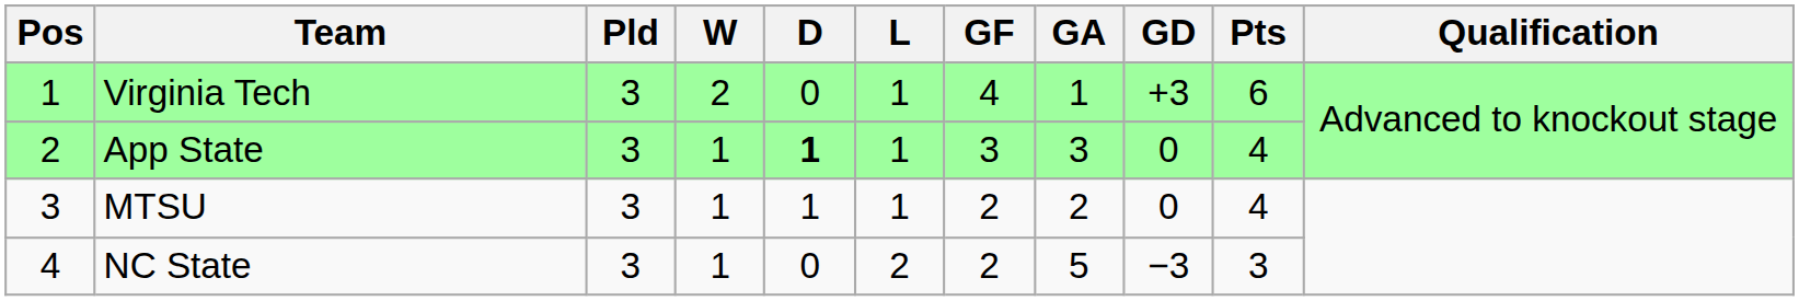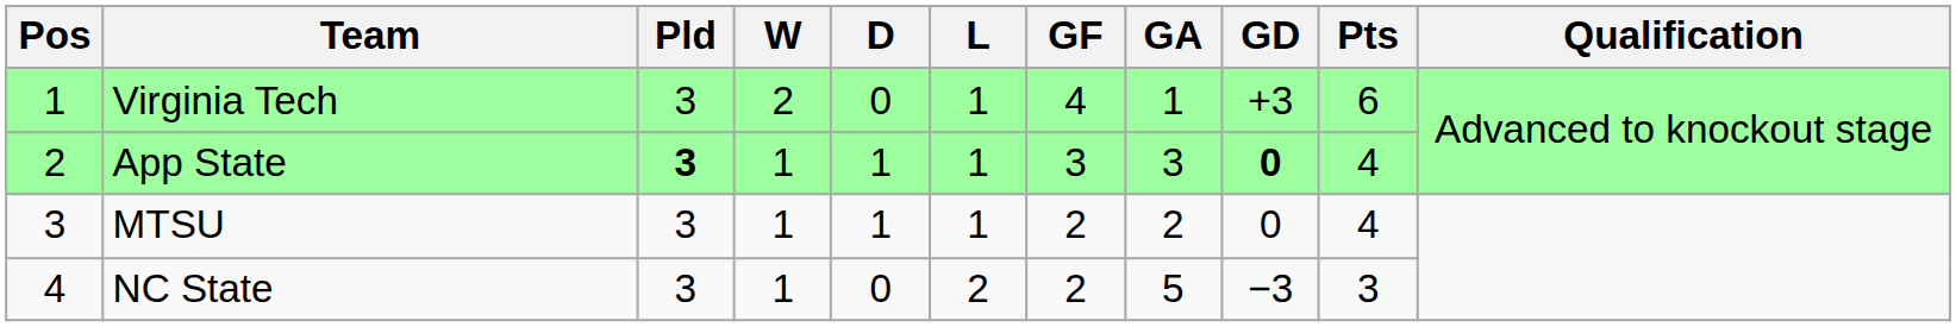 <table class="wikitable" style="text-align:center; margin: 1em auto">
 <tr>
 <th style="width:2em">Pos</th>
 <th style="width:13em">Team</th>
 <th style="width:2em">Pld</th>
 <th style="width:2em">W</th>
 <th style="width:2em">D</th>
 <th style="width:2em">L</th>
 <th style="width:2em">GF</th>
 <th style="width:2em">GA</th>
 <th style="width:2em">GD</th>
 <th style="width:2em">Pts</th>
 <th style="width:13em">Qualification</th>
 </tr>
 <tr bgcolor="#9eff9e">
 <td>1</td>
 <td style="text-align:left">Virginia Tech</td>
 <td>3</td>
 <td>2</td>
 <td>0</td>
 <td>1</td>
 <td>4</td>
 <td>1</td>
 <td>+3</td>
 <td>6</td>
 <td rowspan="2">Advanced to knockout stage</td>
 </tr>
 <tr bgcolor="#9eff9e">
 <td>2</td>
 <td style="text-align:left">App State</td>
-<td>3</td>
+<td><strong>3</strong></td>
 <td>1</td>
-<td><strong>1</strong></td>
+<td>1</td>
 <td>1</td>
 <td>3</td>
 <td>3</td>
-<td>0</td>
+<td><strong>0</strong></td>
 <td>4</td>
 </tr>
 <tr>
 <td>3</td>
 <td style="text-align:left">MTSU</td>
 <td>3</td>
 <td>1</td>
 <td>1</td>
 <td>1</td>
 <td>2</td>
 <td>2</td>
 <td>0</td>
 <td>4</td>
 <td rowspan="2"></td>
 </tr>
 <tr>
 <td>4</td>
 <td style="text-align:left">NC State</td>
 <td>3</td>
 <td>1</td>
 <td>0</td>
 <td>2</td>
 <td>2</td>
 <td>5</td>
 <td>−3</td>
 <td>3</td>
 </tr>
 </table>
